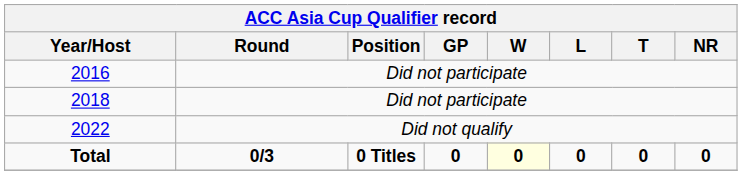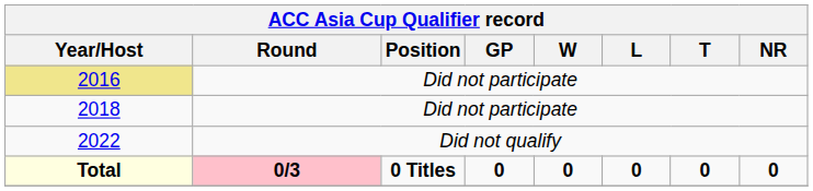 <table class="wikitable" style="text-align: center;">
 <tr>
 <th colspan=8><a href='#'>ACC Asia Cup Qualifier</a> record</th>
 </tr>
 <tr>
 <th width=150>Year/Host</th>
 <th width=150>Round</th>
 <th width=50>Position</th>
 <th width=50>GP</th>
 <th width=50>W</th>
 <th width=50>L</th>
 <th width=50>T</th>
 <th width=50>NR</th>
 </tr>
 <tr>
-<td> <a href='#'>2016</a></td>
+<td style="background: khaki;"> <a href='#'>2016</a></td>
 <td colspan="7" rowspan="1"><em>Did not participate</em></td>
 </tr>
 <tr>
 <td> <a href='#'>2018</a></td>
 <td colspan="7" rowspan="1"><em>Did not participate</em></td>
 </tr>
 <tr>
 <td> <a href='#'>2022</a></td>
 <td colspan="7" rowspan="1"><em>Did not qualify</em></td>
 </tr>
 <tr>
-<td><strong>Total</strong></td>
-<td><strong>0/3</strong></td>
+<td style="background: lightyellow;"><strong>Total</strong></td>
+<td style="background: pink;"><strong>0/3</strong></td>
 <td><strong>0 Titles</strong></td>
 <td><strong>0</strong></td>
-<td style="background: lightyellow;"><strong>0</strong></td>
+<td><strong>0</strong></td>
 <td><strong>0</strong></td>
 <td><strong>0</strong></td>
 <td><strong>0</strong></td>
 </tr>
 <tr>
 </tr>
 </table>
